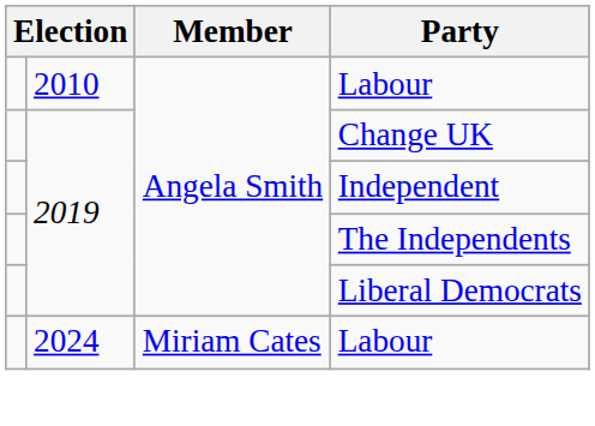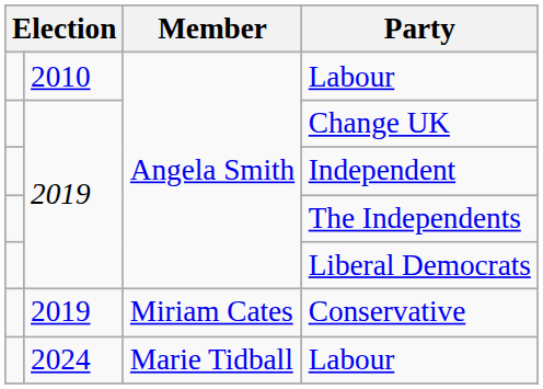 <table class="wikitable">
 <tr>
 <th colspan="2">Election</th>
 <th>Member</th>
 <th>Party</th>
 </tr>
 <tr>
 <td style="color:inherit;background-color: "></td>
 <td><a href='#'>2010</a></td>
 <td rowspan="5"><a href='#'>Angela Smith</a></td>
 <td><a href='#'>Labour</a></td>
 </tr>
 <tr>
 <td style="color:inherit;background-color: "></td>
 <td rowspan="4"><em>2019</em></td>
 <td><a href='#'>Change UK</a></td>
 </tr>
 <tr>
 <td style="color:inherit;background-color: "></td>
 <td><a href='#'>Independent</a></td>
 </tr>
 <tr>
 <td style="color:inherit;background-color: "></td>
 <td><a href='#'>The Independents</a></td>
 </tr>
 <tr>
 <td style="color:inherit;background-color: "></td>
 <td><a href='#'>Liberal Democrats</a></td>
 </tr>
 <tr>
 <td style="color:inherit;background-color: "></td>
+<td><a href='#'>2019</a></td>
+<td><a href='#'>Miriam Cates</a></td>
+<td><a href='#'>Conservative</a></td>
+</tr>
+<tr>
+<td style="color:inherit;background-color: "></td>
 <td><a href='#'>2024</a></td>
-<td><a href='#'>Miriam Cates</a></td>
+<td><a href='#'>Marie Tidball</a></td>
 <td><a href='#'>Labour</a></td>
 </tr>
 </table>
